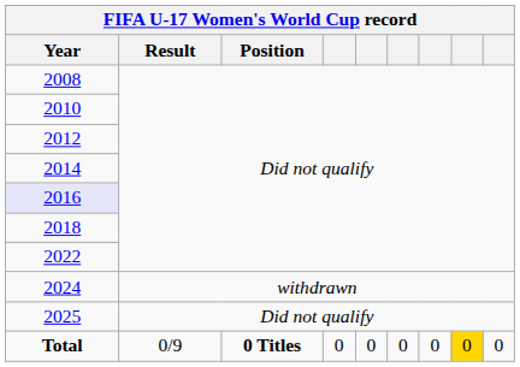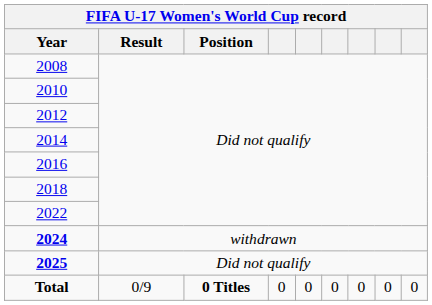 <table class="wikitable" style="text-align: center;">
 <tr>
 <th colspan="9"><a href='#'>FIFA U-17 Women's World Cup</a> record</th>
 </tr>
 <tr>
 <th width="90">Year</th>
 <th width="80">Result</th>
 <th width="80">Position</th>
 <th width="20"></th>
 <th width="20"></th>
 <th width="20"></th>
 <th width="20"></th>
 <th width="20"></th>
 <th width="20"></th>
 </tr>
 <tr>
 <td> <a href='#'>2008</a></td>
 <td rowspan=7 colspan=8><em>Did not qualify</em></td>
 </tr>
 <tr>
 <td> <a href='#'>2010</a></td>
 </tr>
 <tr>
 <td> <a href='#'>2012</a></td>
 </tr>
 <tr>
 <td> <a href='#'>2014</a></td>
 </tr>
 <tr>
-<td style="background: lavender;"> <a href='#'>2016</a></td>
+<td> <a href='#'>2016</a></td>
 </tr>
 <tr>
 <td> <a href='#'>2018</a></td>
 </tr>
 <tr>
 <td> <a href='#'>2022</a></td>
 </tr>
 <tr>
-<td> <a href='#'>2024</a></td>
+<td><strong> <a href='#'>2024</a></strong></td>
 <td colspan=8><em>withdrawn</em></td>
 </tr>
 <tr>
-<td> <a href='#'>2025</a></td>
+<td><strong> <a href='#'>2025</a></strong></td>
 <td colspan=8><em>Did not qualify</em></td>
 </tr>
 <tr>
 <td><strong>Total</strong></td>
 <td>0/9</td>
 <td><strong>0 Titles</strong></td>
 <td>0</td>
 <td>0</td>
 <td>0</td>
 <td>0</td>
-<td style="background: gold;">0</td>
+<td>0</td>
 <td>0</td>
 </tr>
 </table>
